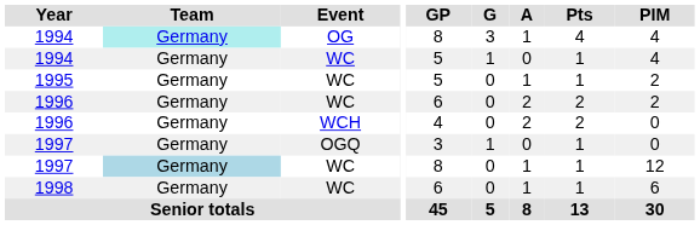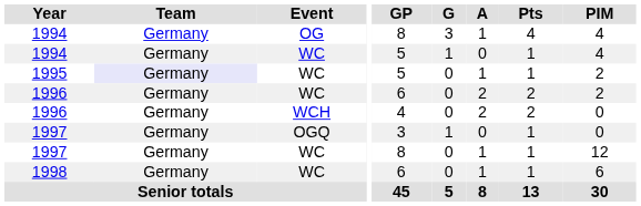 <table border="0" cellpadding="1" cellspacing="0" ID="Table3" style="text-align:center; width:40em">
 <tr ALIGN="center" bgcolor="#e0e0e0">
 <th>Year</th>
 <th>Team</th>
 <th>Event</th>
 <th rowspan="99" bgcolor="#ffffff"></th>
 <th>GP</th>
 <th>G</th>
 <th>A</th>
 <th>Pts</th>
 <th>PIM</th>
 </tr>
 <tr>
 <td><a href='#'>1994</a></td>
-<td style="background: paleturquoise;"><a href='#'>Germany</a></td>
+<td><a href='#'>Germany</a></td>
 <td><a href='#'>OG</a></td>
 <td>8</td>
 <td>3</td>
 <td>1</td>
 <td>4</td>
 <td>4</td>
 </tr>
 <tr bgcolor="#f0f0f0">
 <td><a href='#'>1994</a></td>
 <td>Germany</td>
 <td><a href='#'>WC</a></td>
 <td>5</td>
 <td>1</td>
 <td>0</td>
 <td>1</td>
 <td>4</td>
 </tr>
 <tr>
 <td><a href='#'>1995</a></td>
-<td>Germany</td>
+<td style="background: lavender;">Germany</td>
 <td>WC</td>
 <td>5</td>
 <td>0</td>
 <td>1</td>
 <td>1</td>
 <td>2</td>
 </tr>
 <tr bgcolor="#f0f0f0">
 <td><a href='#'>1996</a></td>
 <td>Germany</td>
 <td>WC</td>
 <td>6</td>
 <td>0</td>
 <td>2</td>
 <td>2</td>
 <td>2</td>
 </tr>
 <tr>
 <td><a href='#'>1996</a></td>
 <td>Germany</td>
 <td><a href='#'>WCH</a></td>
 <td>4</td>
 <td>0</td>
 <td>2</td>
 <td>2</td>
 <td>0</td>
 </tr>
 <tr bgcolor="#f0f0f0">
 <td><a href='#'>1997</a></td>
 <td>Germany</td>
 <td>OGQ</td>
 <td>3</td>
 <td>1</td>
 <td>0</td>
 <td>1</td>
 <td>0</td>
 </tr>
 <tr>
 <td><a href='#'>1997</a></td>
-<td style="background: lightblue;">Germany</td>
+<td>Germany</td>
 <td>WC</td>
 <td>8</td>
 <td>0</td>
 <td>1</td>
 <td>1</td>
 <td>12</td>
 </tr>
 <tr bgcolor="#f0f0f0">
 <td><a href='#'>1998</a></td>
 <td>Germany</td>
 <td>WC</td>
 <td>6</td>
 <td>0</td>
 <td>1</td>
 <td>1</td>
 <td>6</td>
 </tr>
 <tr bgcolor="#e0e0e0">
 <th colspan="3">Senior totals</th>
 <th>45</th>
 <th>5</th>
 <th>8</th>
 <th>13</th>
 <th>30</th>
 </tr>
 </table>
